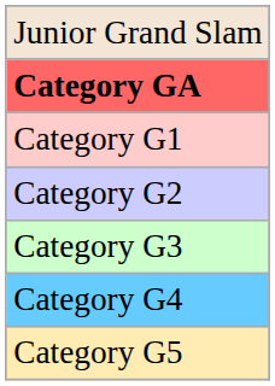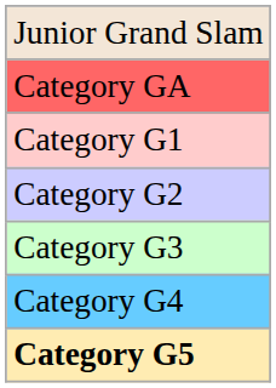 <table class="sortable wikitable" style=font-size:97%>
 <tr bgcolor=#f3e6d7>
 <td>Junior Grand Slam</td>
 </tr>
 <tr bgcolor=#FF6666>
-<td><strong>Category GA</strong></td>
+<td>Category GA</td>
 </tr>
 <tr bgcolor=#ffcccc>
 <td>Category G1</td>
 </tr>
 <tr bgcolor=#ccccff>
 <td>Category G2</td>
 </tr>
 <tr bgcolor=#CCFFCC>
 <td>Category G3</td>
 </tr>
 <tr bgcolor=#66CCFF>
 <td>Category G4</td>
 </tr>
 <tr bgcolor=#ffecb2>
-<td>Category G5</td>
+<td><strong>Category G5</strong></td>
 </tr>
 </table>
